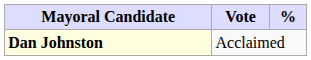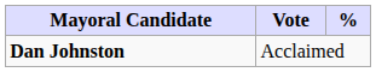 <table class="wikitable">
 <tr>
 <th style="background:#ddf; width:200px;">Mayoral Candidate </th>
 <th style="background:#ddf; width:50px;">Vote</th>
 <th style="background:#ddf; width:30px;">%</th>
 </tr>
 <tr>
-<td style="background: lightyellow;"><strong>Dan Johnston</strong></td>
+<td><strong>Dan Johnston</strong></td>
 <td colspan="2">Acclaimed</td>
 </tr>
 </table>
